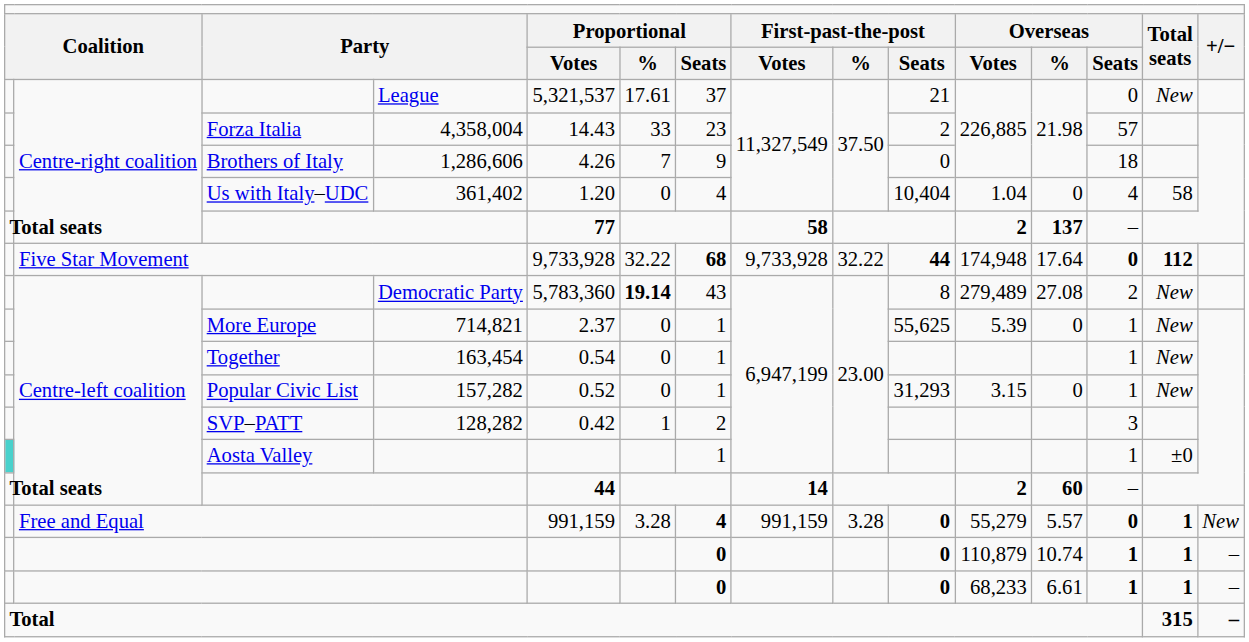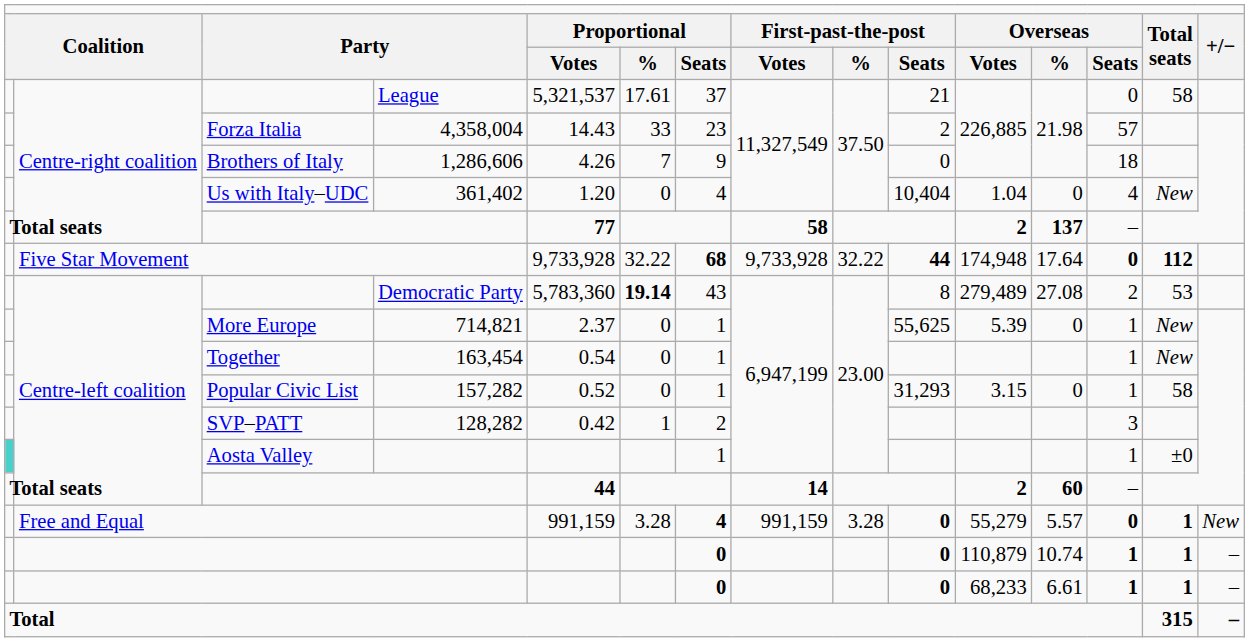 <table class="wikitable" style="text-align:right">
 <tr>
 <td colspan="15"></td>
 </tr>
 <tr>
 <th colspan="2" rowspan="2">Coalition</th>
 <th colspan=2 rowspan=2>Party</th>
 <th colspan="3" style="text-align:center; vertical-align:top;">Proportional</th>
 <th colspan="3" style="text-align:center; vertical-align:top;">First-past-the-post</th>
 <th colspan="3" style="text-align:center; vertical-align:top;">Overseas</th>
 <th style="text-align:center;" rowspan="2">Total<br>seats</th>
 <th style="text-align:center;" rowspan="2">+/−</th>
 </tr>
 <tr>
 <th style="text-align:center; vertical-align:bottom;">Votes</th>
 <th style="text-align:center; vertical-align:bottom;">%</th>
 <th style="text-align:center; vertical-align:bottom;">Seats</th>
 <th style="text-align:center; vertical-align:bottom;">Votes</th>
 <th style="text-align:center; vertical-align:bottom;">%</th>
 <th style="text-align:center; vertical-align:bottom;">Seats</th>
 <th style="text-align:center; vertical-align:bottom;">Votes</th>
 <th style="text-align:center; vertical-align:bottom;">%</th>
 <th style="text-align:center; vertical-align:bottom;">Seats</th>
 </tr>
 <tr>
 <td></td>
 <td style="text-align:left;" rowspan="5"><a href='#'>Centre-right coalition</a></td>
 <td></td>
 <td align=left><a href='#'>League</a></td>
 <td>5,321,537</td>
 <td>17.61</td>
 <td>37</td>
 <td rowspan="4">11,327,549</td>
 <td rowspan="4">37.50</td>
 <td>21</td>
 <td rowspan="3">226,885</td>
 <td rowspan="3">21.98</td>
 <td>0</td>
-<td><em>New</em></td>
+<td>58</td>
 <td></td>
 </tr>
 <tr>
 <td></td>
 <td align=left><a href='#'>Forza Italia</a></td>
 <td>4,358,004</td>
 <td>14.43</td>
 <td>33</td>
 <td>23</td>
 <td>2</td>
 <td>57</td>
 <td></td>
 </tr>
 <tr>
 <td></td>
 <td align=left><a href='#'>Brothers of Italy</a></td>
 <td>1,286,606</td>
 <td>4.26</td>
 <td>7</td>
 <td>9</td>
 <td>0</td>
 <td>18</td>
 <td></td>
 </tr>
 <tr>
 <td></td>
 <td align=left><a href='#'>Us with Italy</a>–<a href='#'>UDC</a></td>
 <td>361,402</td>
 <td>1.20</td>
 <td>0</td>
 <td>4</td>
 <td>10,404</td>
 <td>1.04</td>
 <td>0</td>
 <td>4</td>
-<td>58</td>
+<td><em>New</em></td>
 </tr>
 <tr>
 <td colspan="4" style="text-align:left;"><strong>Total seats</strong></td>
 <td><strong>77</strong></td>
 <td colspan="2"></td>
 <td><strong>58</strong></td>
 <td colspan="2"></td>
 <td><strong>2</strong></td>
 <td><strong>137</strong></td>
 <td>–</td>
 </tr>
 <tr>
 <td style="background:"></td>
 <td colspan="3" style="text-align:left;"><a href='#'>Five Star Movement</a></td>
 <td>9,733,928</td>
 <td>32.22</td>
 <td><strong>68</strong></td>
 <td>9,733,928</td>
 <td>32.22</td>
 <td><strong>44</strong></td>
 <td>174,948</td>
 <td>17.64</td>
 <td><strong>0</strong></td>
 <td><strong>112</strong></td>
 <td></td>
 </tr>
 <tr>
 <td></td>
 <td rowspan=7 style="text-align:left;"><a href='#'>Centre-left coalition</a></td>
 <td></td>
 <td style="text-align:left;"><a href='#'>Democratic Party</a></td>
 <td>5,783,360</td>
 <td><strong>19.14</strong></td>
 <td>43</td>
 <td rowspan="6">6,947,199</td>
 <td rowspan="6">23.00</td>
 <td>8</td>
 <td>279,489</td>
 <td>27.08</td>
 <td>2</td>
-<td><em>New</em></td>
+<td>53</td>
 <td></td>
 </tr>
 <tr>
 <td></td>
 <td style="text-align:left;"><a href='#'>More Europe</a></td>
 <td>714,821</td>
 <td>2.37</td>
 <td>0</td>
 <td>1</td>
 <td>55,625</td>
 <td>5.39</td>
 <td>0</td>
 <td>1</td>
 <td><em>New</em></td>
 </tr>
 <tr>
 <td></td>
 <td style="text-align:left;"><a href='#'>Together</a></td>
 <td>163,454</td>
 <td>0.54</td>
 <td>0</td>
 <td>1</td>
 <td></td>
 <td></td>
 <td></td>
 <td>1</td>
 <td><em>New</em></td>
 </tr>
 <tr>
 <td></td>
 <td style="text-align:left;"><a href='#'>Popular Civic List</a></td>
 <td>157,282</td>
 <td>0.52</td>
 <td>0</td>
 <td>1</td>
 <td>31,293</td>
 <td>3.15</td>
 <td>0</td>
 <td>1</td>
-<td><em>New</em></td>
+<td>58</td>
 </tr>
 <tr>
 <td></td>
 <td style="text-align:left;"><a href='#'>SVP</a>–<a href='#'>PATT</a></td>
 <td>128,282</td>
 <td>0.42</td>
 <td>1</td>
 <td>2</td>
 <td></td>
 <td></td>
 <td></td>
 <td>3</td>
 <td></td>
 </tr>
 <tr>
 <td style="background:#48d1cc;"></td>
 <td style="text-align:left;"><a href='#'>Aosta Valley</a></td>
 <td></td>
 <td></td>
 <td></td>
 <td>1</td>
 <td></td>
 <td></td>
 <td></td>
 <td>1</td>
 <td>±0</td>
 </tr>
 <tr>
 <td colspan="4" style="text-align:left;"><strong>Total seats</strong></td>
 <td><strong>44</strong></td>
 <td colspan="2"></td>
 <td><strong>14</strong></td>
 <td colspan="2"></td>
 <td><strong>2</strong></td>
 <td><strong>60</strong></td>
 <td>–</td>
 </tr>
 <tr>
 <td style="background:"></td>
 <td colspan="3" style="text-align:left;"><a href='#'>Free and Equal</a></td>
 <td>991,159</td>
 <td>3.28</td>
 <td><strong>4</strong></td>
 <td>991,159</td>
 <td>3.28</td>
 <td><strong>0</strong></td>
 <td>55,279</td>
 <td>5.57</td>
 <td><strong>0</strong></td>
 <td><strong>1</strong></td>
 <td><em>New</em></td>
 </tr>
 <tr>
 <td></td>
 <td colspan="3" style="text-align:left;"></td>
 <td></td>
 <td></td>
 <td><strong>0</strong></td>
 <td></td>
 <td></td>
 <td><strong>0</strong></td>
 <td>110,879</td>
 <td>10.74</td>
 <td><strong>1</strong></td>
 <td><strong>1</strong></td>
 <td>–</td>
 </tr>
 <tr>
 <td></td>
 <td colspan="3" style="text-align:left;"></td>
 <td></td>
 <td></td>
 <td><strong>0</strong></td>
 <td></td>
 <td></td>
 <td><strong>0</strong></td>
 <td>68,233</td>
 <td>6.61</td>
 <td><strong>1</strong></td>
 <td><strong>1</strong></td>
 <td>–</td>
 </tr>
 <tr>
 <td colspan="13" style="text-align:left;"><strong>Total</strong></td>
 <td><strong>315</strong></td>
 <td><strong>–</strong></td>
 </tr>
 </table>
